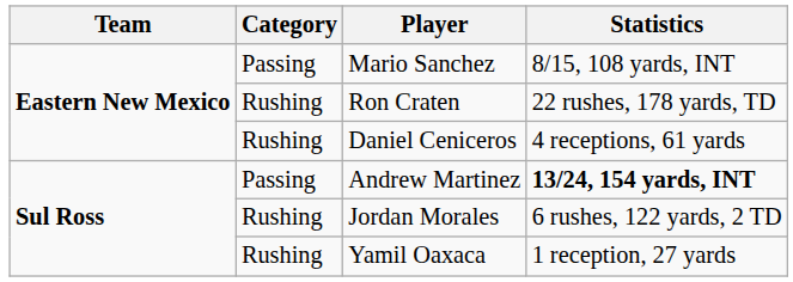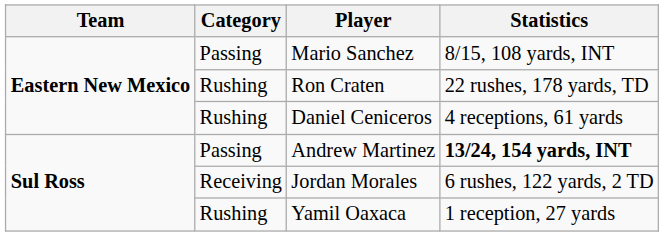 <table class="wikitable" style="float: right;">
 <tr>
 <th>Team</th>
 <th>Category</th>
 <th>Player</th>
 <th>Statistics</th>
 </tr>
 <tr>
 <td rowspan=3><strong>Eastern New Mexico</strong></td>
 <td>Passing</td>
 <td>Mario Sanchez</td>
 <td>8/15, 108 yards, INT</td>
 </tr>
 <tr>
 <td>Rushing</td>
 <td>Ron Craten</td>
 <td>22 rushes, 178 yards, TD</td>
 </tr>
 <tr>
 <td>Rushing</td>
 <td>Daniel Ceniceros</td>
 <td>4 receptions, 61 yards</td>
 </tr>
 <tr>
 <td rowspan=3><strong>Sul Ross</strong></td>
 <td>Passing</td>
 <td>Andrew Martinez</td>
 <td><strong>13/24, 154 yards, INT</strong></td>
 </tr>
 <tr>
-<td>Rushing</td>
+<td>Receiving</td>
 <td>Jordan Morales</td>
 <td>6 rushes, 122 yards, 2 TD</td>
 </tr>
 <tr>
 <td>Rushing</td>
 <td>Yamil Oaxaca</td>
 <td>1 reception, 27 yards</td>
 </tr>
 </table>
